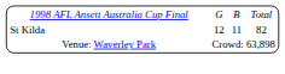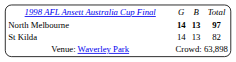 <table style="margin-right:4px; margin-top:8px; float:right; border:1px #000000 solid; border-radius:8px; background:#FFFFFF; font-family:Verdana; font-size:8pt; text-align:center;">
 <tr>
 <td width=200><em><a href='#'>1998 AFL Ansett Australia Cup Final</a></em></td>
 <td><em>G</em></td>
 <td><em>B</em></td>
 <td><em>Total</em></td>
 </tr>
 <tr>
+<td style="text-align:left"> North Melbourne</td>
+<td><strong>14</strong></td>
+<td><strong>13</strong></td>
+<td><strong>97</strong></td>
+</tr>
+<tr>
 <td style="text-align:left"> St Kilda</td>
-<td>12</td>
-<td>11</td>
+<td>14</td>
+<td>13</td>
 <td>82</td>
 </tr>
 <tr>
 <td>Venue: <a href='#'>Waverley Park</a></td>
 <td colspan="3">Crowd: 63,898</td>
 </tr>
 </table>
